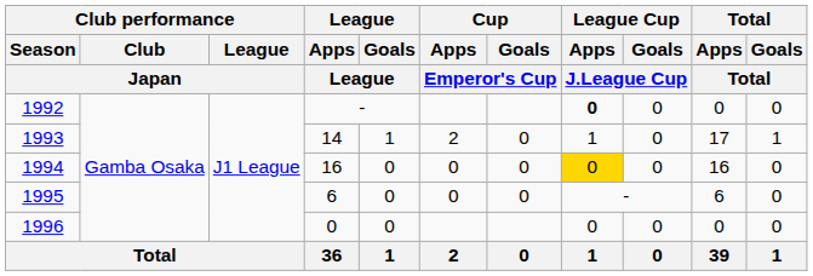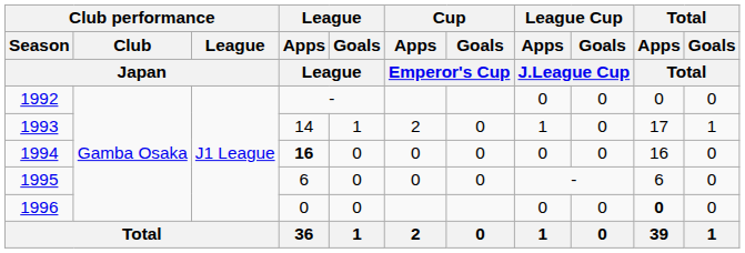 <table class="wikitable" style="text-align:center;">
 <tr>
 <th colspan=3>Club performance</th>
 <th colspan=2>League</th>
 <th colspan=2>Cup</th>
 <th colspan=2>League Cup</th>
 <th colspan=2>Total</th>
 </tr>
 <tr>
 <th>Season</th>
 <th>Club</th>
 <th>League</th>
 <th>Apps</th>
 <th>Goals</th>
 <th>Apps</th>
 <th>Goals</th>
 <th>Apps</th>
 <th>Goals</th>
 <th>Apps</th>
 <th>Goals</th>
 </tr>
 <tr>
 <th colspan=3>Japan</th>
 <th colspan=2>League</th>
 <th colspan=2><a href='#'>Emperor's Cup</a></th>
 <th colspan=2><a href='#'>J.League Cup</a></th>
 <th colspan=2>Total</th>
 </tr>
 <tr>
 <td><a href='#'>1992</a></td>
 <td rowspan="5"><a href='#'>Gamba Osaka</a></td>
 <td rowspan="5"><a href='#'>J1 League</a></td>
 <td colspan="2">-</td>
 <td></td>
 <td></td>
-<td><strong>0</strong></td>
+<td>0</td>
 <td>0</td>
 <td>0</td>
 <td>0</td>
 </tr>
 <tr>
 <td><a href='#'>1993</a></td>
 <td>14</td>
 <td>1</td>
 <td>2</td>
 <td>0</td>
 <td>1</td>
 <td>0</td>
 <td>17</td>
 <td>1</td>
 </tr>
 <tr>
 <td><a href='#'>1994</a></td>
-<td>16</td>
+<td><strong>16</strong></td>
 <td>0</td>
 <td>0</td>
 <td>0</td>
-<td style="background: gold;">0</td>
+<td>0</td>
 <td>0</td>
 <td>16</td>
 <td>0</td>
 </tr>
 <tr>
 <td><a href='#'>1995</a></td>
 <td>6</td>
 <td>0</td>
 <td>0</td>
 <td>0</td>
 <td colspan="2">-</td>
 <td>6</td>
 <td>0</td>
 </tr>
 <tr>
 <td><a href='#'>1996</a></td>
 <td>0</td>
 <td>0</td>
 <td></td>
 <td></td>
 <td>0</td>
 <td>0</td>
-<td>0</td>
+<td><strong>0</strong></td>
 <td>0</td>
 </tr>
 <tr>
 <th colspan=3>Total</th>
 <th>36</th>
 <th>1</th>
 <th>2</th>
 <th>0</th>
 <th>1</th>
 <th>0</th>
 <th>39</th>
 <th>1</th>
 </tr>
 </table>
